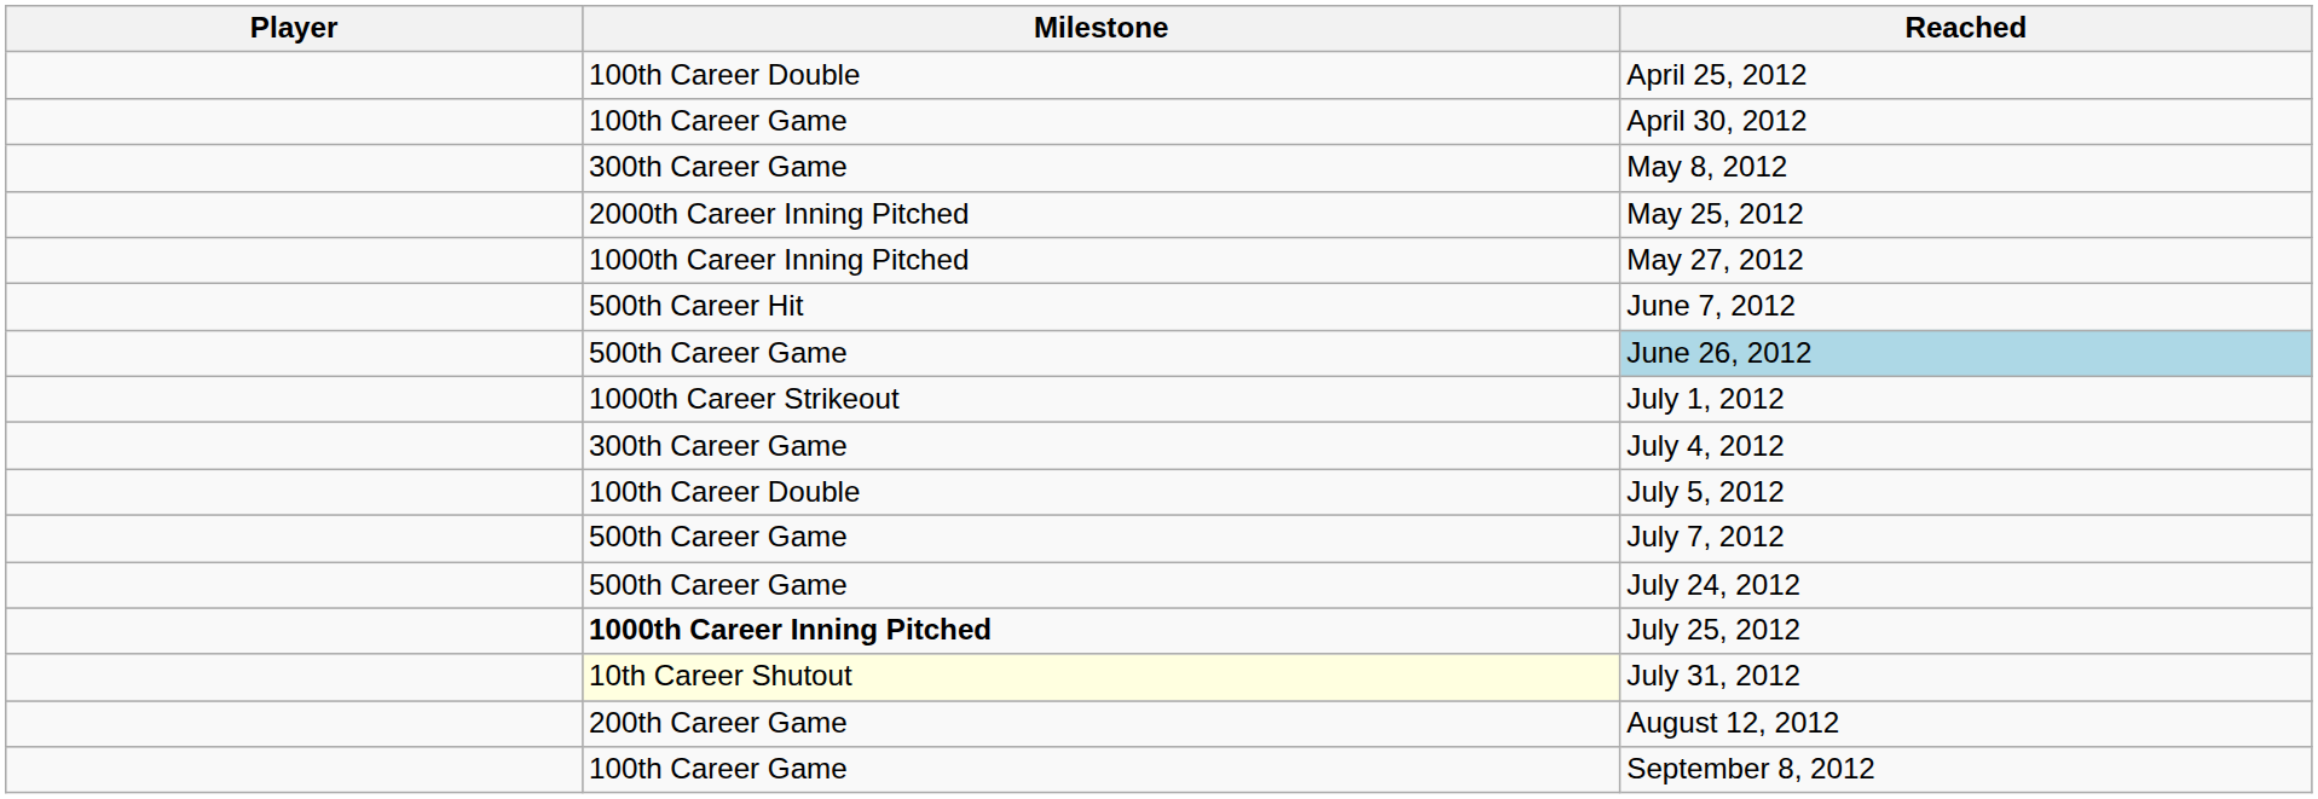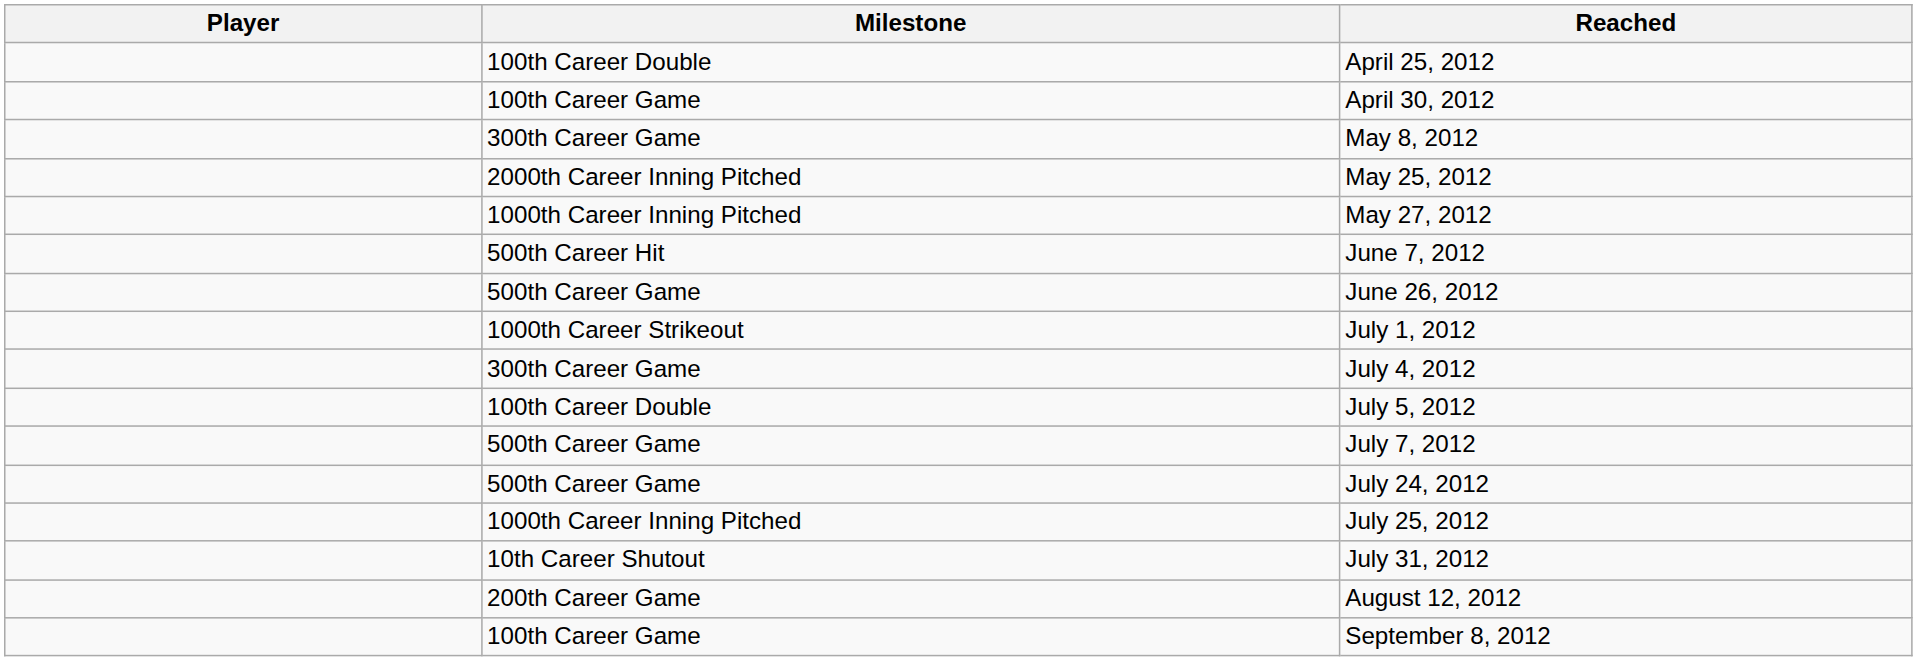 <table class="wikitable sortable" style="width:100%;">
 <tr align=center>
 <th style="width:25%;">Player</th>
 <th style="width:45%;">Milestone</th>
 <th style="width:30%;" data-sort-type="date">Reached</th>
 </tr>
 <tr>
 <td></td>
 <td>100th Career Double</td>
 <td>April 25, 2012</td>
 </tr>
 <tr>
 <td></td>
 <td>100th Career Game</td>
 <td>April 30, 2012</td>
 </tr>
 <tr>
 <td></td>
 <td>300th Career Game</td>
 <td>May 8, 2012</td>
 </tr>
 <tr>
 <td></td>
 <td>2000th Career Inning Pitched</td>
 <td>May 25, 2012</td>
 </tr>
 <tr>
 <td></td>
 <td>1000th Career Inning Pitched</td>
 <td>May 27, 2012</td>
 </tr>
 <tr>
 <td></td>
 <td>500th Career Hit</td>
 <td>June 7, 2012</td>
 </tr>
 <tr>
 <td></td>
 <td>500th Career Game</td>
-<td style="background: lightblue;">June 26, 2012</td>
+<td>June 26, 2012</td>
 </tr>
 <tr>
 <td></td>
 <td>1000th Career Strikeout</td>
 <td>July 1, 2012</td>
 </tr>
 <tr>
 <td></td>
 <td>300th Career Game</td>
 <td>July 4, 2012</td>
 </tr>
 <tr>
 <td></td>
 <td>100th Career Double</td>
 <td>July 5, 2012</td>
 </tr>
 <tr>
 <td></td>
 <td>500th Career Game</td>
 <td>July 7, 2012</td>
 </tr>
 <tr>
 <td></td>
 <td>500th Career Game</td>
 <td>July 24, 2012</td>
 </tr>
 <tr>
 <td></td>
-<td><strong>1000th Career Inning Pitched</strong></td>
+<td>1000th Career Inning Pitched</td>
 <td>July 25, 2012</td>
 </tr>
 <tr>
 <td></td>
-<td style="background: lightyellow;">10th Career Shutout</td>
+<td>10th Career Shutout</td>
 <td>July 31, 2012</td>
 </tr>
 <tr>
 <td></td>
 <td>200th Career Game</td>
 <td>August 12, 2012</td>
 </tr>
 <tr>
 <td></td>
 <td>100th Career Game</td>
 <td>September 8, 2012</td>
 </tr>
 </table>
